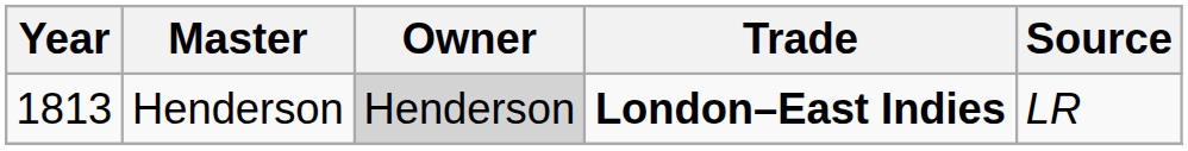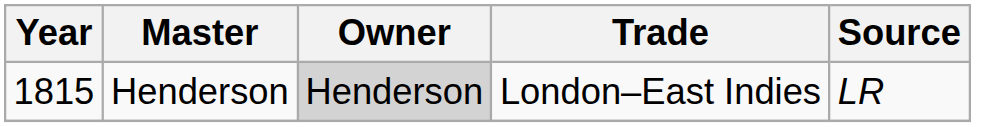 <table class=" wikitable">
 <tr>
 <th>Year</th>
 <th>Master</th>
 <th>Owner</th>
 <th>Trade</th>
 <th>Source</th>
 </tr>
 <tr>
-<td>1813</td>
+<td>1815</td>
 <td>Henderson</td>
 <td style="background: lightgrey;">Henderson</td>
-<td><strong>London–East Indies</strong></td>
+<td>London–East Indies</td>
 <td><em>LR</em></td>
 </tr>
 <tr>
 </tr>
 </table>
